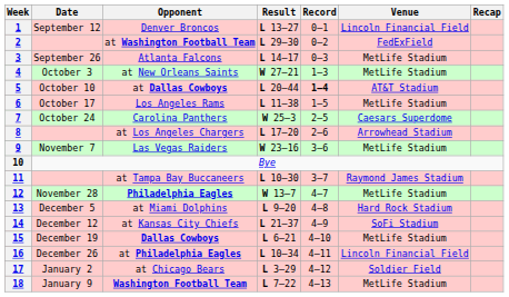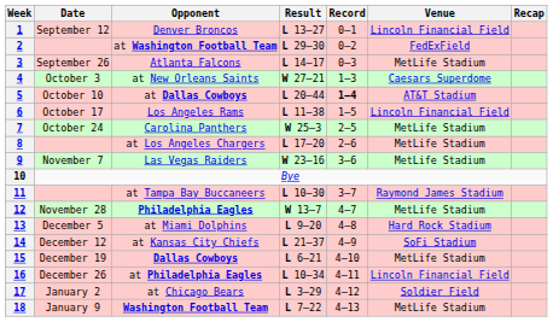 <table class="wikitable" style="text-align:center">
 <tr>
 <th>Week</th>
 <th>Date</th>
 <th>Opponent</th>
 <th>Result</th>
 <th>Record</th>
 <th>Venue</th>
 <th>Recap</th>
 </tr>
 <tr style="background:#fcc">
 <th><a href='#'>1</a></th>
 <td>September 12</td>
 <td><a href='#'>Denver Broncos</a></td>
 <td><strong>L</strong> 13–27</td>
 <td>0–1</td>
 <td><a href='#'>Lincoln Financial Field</a></td>
 <td></td>
 </tr>
 <tr style="background:#fcc">
 <th><a href='#'>2</a></th>
 <td></td>
 <td>at <strong><a href='#'>Washington Football Team</a></strong></td>
 <td><strong>L</strong> 29–30</td>
 <td>0–2</td>
 <td><a href='#'>FedExField</a></td>
 <td></td>
 </tr>
 <tr style="background:#fcc">
 <th><a href='#'>3</a></th>
 <td>September 26</td>
 <td><a href='#'>Atlanta Falcons</a></td>
 <td><strong>L</strong> 14–17</td>
 <td>0–3</td>
 <td>MetLife Stadium</td>
 <td></td>
 </tr>
 <tr style="background:#cfc">
 <th><a href='#'>4</a></th>
 <td>October 3</td>
 <td>at <a href='#'>New Orleans Saints</a></td>
 <td><strong>W</strong> 27–21 </td>
 <td>1–3</td>
-<td>MetLife Stadium</td>
+<td><a href='#'>Caesars Superdome</a></td>
 <td></td>
 </tr>
 <tr style="background:#fcc">
 <th><a href='#'>5</a></th>
 <td>October 10</td>
 <td>at <strong><a href='#'>Dallas Cowboys</a></strong></td>
 <td><strong>L</strong> 20–44</td>
 <td><strong>1–4</strong></td>
 <td><a href='#'>AT&T Stadium</a></td>
 <td></td>
 </tr>
 <tr style="background:#fcc">
 <th><a href='#'>6</a></th>
 <td>October 17</td>
 <td><a href='#'>Los Angeles Rams</a></td>
 <td><strong>L</strong> 11–38</td>
 <td>1–5</td>
-<td>MetLife Stadium</td>
+<td><a href='#'>Lincoln Financial Field</a></td>
 <td></td>
 </tr>
 <tr style="background:#cfc">
 <th><a href='#'>7</a></th>
 <td>October 24</td>
 <td><a href='#'>Carolina Panthers</a></td>
 <td><strong>W</strong> 25–3</td>
 <td>2–5</td>
-<td><a href='#'>Caesars Superdome</a></td>
+<td>MetLife Stadium</td>
 <td></td>
 </tr>
 <tr style="background:#fcc">
 <th><a href='#'>8</a></th>
 <td></td>
 <td>at <a href='#'>Los Angeles Chargers</a></td>
 <td><strong>L</strong> 17–20</td>
 <td>2–6</td>
-<td><a href='#'>Arrowhead Stadium</a></td>
+<td>MetLife Stadium</td>
 <td></td>
 </tr>
 <tr style="background:#cfc">
 <th><a href='#'>9</a></th>
 <td>November 7</td>
 <td><a href='#'>Las Vegas Raiders</a></td>
 <td><strong>W</strong> 23–16</td>
 <td>3–6</td>
 <td>MetLife Stadium</td>
 <td></td>
 </tr>
 <tr>
 <th>10</th>
 <td colspan="6"><em><a href='#'>Bye</a></em></td>
 </tr>
 <tr style="background:#fcc">
 <th><a href='#'>11</a></th>
 <td></td>
 <td>at <a href='#'>Tampa Bay Buccaneers</a></td>
 <td><strong>L</strong> 10–30</td>
 <td>3–7</td>
 <td><a href='#'>Raymond James Stadium</a></td>
 <td></td>
 </tr>
 <tr style="background:#cfc">
 <th><a href='#'>12</a></th>
 <td>November 28</td>
 <td><strong><a href='#'>Philadelphia Eagles</a></strong></td>
 <td><strong>W</strong> 13–7</td>
 <td>4–7</td>
 <td>MetLife Stadium</td>
 <td></td>
 </tr>
 <tr style="background:#fcc">
 <th><a href='#'>13</a></th>
 <td>December 5</td>
 <td>at <a href='#'>Miami Dolphins</a></td>
 <td><strong>L</strong> 9–20</td>
 <td>4–8</td>
 <td><a href='#'>Hard Rock Stadium</a></td>
 <td></td>
 </tr>
 <tr style="background:#fcc">
 <th><a href='#'>14</a></th>
 <td>December 12</td>
 <td>at <a href='#'>Kansas City Chiefs</a></td>
 <td><strong>L</strong> 21–37</td>
 <td>4–9</td>
 <td><a href='#'>SoFi Stadium</a></td>
 <td></td>
 </tr>
 <tr style="background:#fcc">
 <th><a href='#'>15</a></th>
 <td>December 19</td>
 <td><strong><a href='#'>Dallas Cowboys</a></strong></td>
 <td><strong>L</strong> 6–21</td>
 <td>4–10</td>
 <td>MetLife Stadium</td>
 <td></td>
 </tr>
 <tr style="background:#fcc">
 <th><a href='#'>16</a></th>
 <td>December 26</td>
 <td>at <strong><a href='#'>Philadelphia Eagles</a></strong></td>
 <td><strong>L</strong> 10–34</td>
 <td>4–11</td>
 <td><a href='#'>Lincoln Financial Field</a></td>
 <td></td>
 </tr>
 <tr style="background:#fcc">
 <th><a href='#'>17</a></th>
 <td>January 2</td>
 <td>at <a href='#'>Chicago Bears</a></td>
 <td><strong>L</strong> 3–29</td>
 <td>4–12</td>
 <td><a href='#'>Soldier Field</a></td>
 <td></td>
 </tr>
 <tr style="background:#fcc">
 <th><a href='#'>18</a></th>
 <td>January 9</td>
 <td><strong><a href='#'>Washington Football Team</a></strong></td>
 <td><strong>L</strong> 7–22</td>
 <td>4–13</td>
 <td>MetLife Stadium</td>
 <td></td>
 </tr>
 </table>
